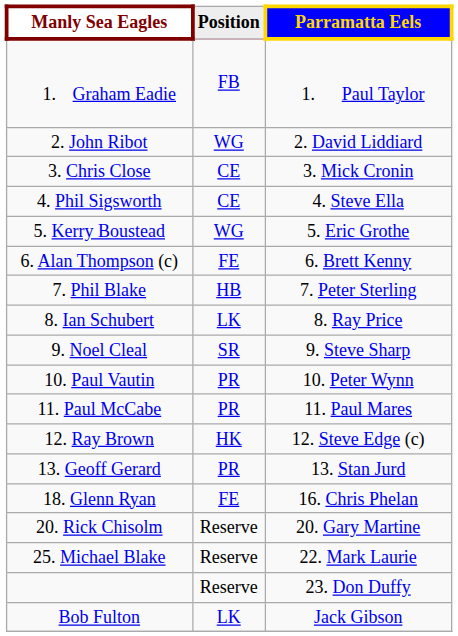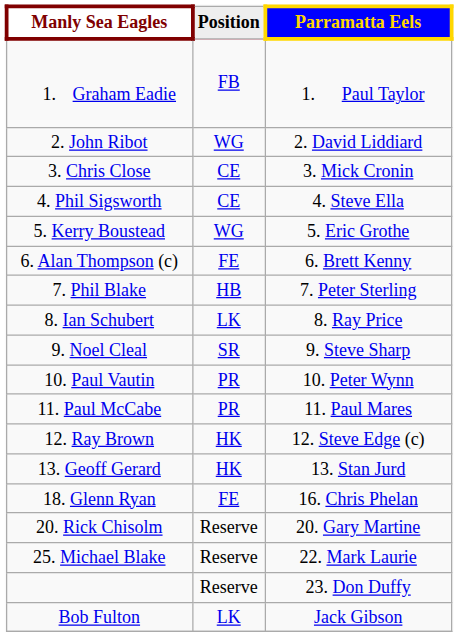 <table align="right" class="wikitable" style="font-size:90%; text-align:center; margin-left:1em">
 <tr bgcolor="#FF0033">
 <th style="width:140px; border:3px solid maroon; background: white; color: maroon">Manly Sea Eagles</th>
 <th style="width:40px; text-align:center; background:#eee; color:black;">Position</th>
 <th style="width:140px; border:3px solid gold; background: blue; color: gold">Parramatta Eels</th>
 </tr>
 <tr>
 <td><br><ol><li><a href='#'>Graham Eadie</a></li></ol></td>
 <td><a href='#'>FB</a></td>
 <td><br><ol><li><a href='#'>Paul Taylor</a></li></ol></td>
 </tr>
 <tr>
 <td>2. <a href='#'>John Ribot</a></td>
 <td><a href='#'>WG</a></td>
 <td>2. <a href='#'>David Liddiard</a></td>
 </tr>
 <tr>
 <td>3. <a href='#'>Chris Close</a></td>
 <td><a href='#'>CE</a></td>
 <td>3. <a href='#'>Mick Cronin</a></td>
 </tr>
 <tr>
 <td>4. <a href='#'>Phil Sigsworth</a></td>
 <td><a href='#'>CE</a></td>
 <td>4. <a href='#'>Steve Ella</a></td>
 </tr>
 <tr>
 <td>5. <a href='#'>Kerry Boustead</a></td>
 <td><a href='#'>WG</a></td>
 <td>5. <a href='#'>Eric Grothe</a></td>
 </tr>
 <tr>
 <td>6. <a href='#'>Alan Thompson</a> (c)</td>
 <td><a href='#'>FE</a></td>
 <td>6. <a href='#'>Brett Kenny</a></td>
 </tr>
 <tr>
 <td>7. <a href='#'>Phil Blake</a></td>
 <td><a href='#'>HB</a></td>
 <td>7. <a href='#'>Peter Sterling</a></td>
 </tr>
 <tr>
 <td>8. <a href='#'>Ian Schubert</a></td>
 <td><a href='#'>LK</a></td>
 <td>8. <a href='#'>Ray Price</a></td>
 </tr>
 <tr>
 <td>9. <a href='#'>Noel Cleal</a></td>
 <td><a href='#'>SR</a></td>
 <td>9. <a href='#'>Steve Sharp</a></td>
 </tr>
 <tr>
 <td>10. <a href='#'>Paul Vautin</a></td>
 <td><a href='#'>PR</a></td>
 <td>10. <a href='#'>Peter Wynn</a></td>
 </tr>
 <tr>
 <td>11. <a href='#'>Paul McCabe</a></td>
 <td><a href='#'>PR</a></td>
 <td>11. <a href='#'>Paul Mares</a></td>
 </tr>
 <tr>
 <td>12. <a href='#'>Ray Brown</a></td>
 <td><a href='#'>HK</a></td>
 <td>12. <a href='#'>Steve Edge</a> (c)</td>
 </tr>
 <tr>
 <td>13. <a href='#'>Geoff Gerard</a></td>
-<td><a href='#'>PR</a></td>
+<td><a href='#'>HK</a></td>
 <td>13. <a href='#'>Stan Jurd</a></td>
 </tr>
 <tr>
 <td>18. <a href='#'>Glenn Ryan</a></td>
 <td><a href='#'>FE</a></td>
 <td>16. <a href='#'>Chris Phelan</a></td>
 </tr>
 <tr>
 <td>20. <a href='#'>Rick Chisolm</a></td>
 <td>Reserve</td>
 <td>20. <a href='#'>Gary Martine</a></td>
 </tr>
 <tr>
 <td>25. <a href='#'>Michael Blake</a></td>
 <td>Reserve</td>
 <td>22. <a href='#'>Mark Laurie</a></td>
 </tr>
 <tr>
 <td></td>
 <td>Reserve</td>
 <td>23. <a href='#'>Don Duffy</a></td>
 </tr>
 <tr>
 <td><a href='#'>Bob Fulton</a></td>
 <td><a href='#'>LK</a></td>
 <td><a href='#'>Jack Gibson</a></td>
 </tr>
 <tr>
 </tr>
 </table>
